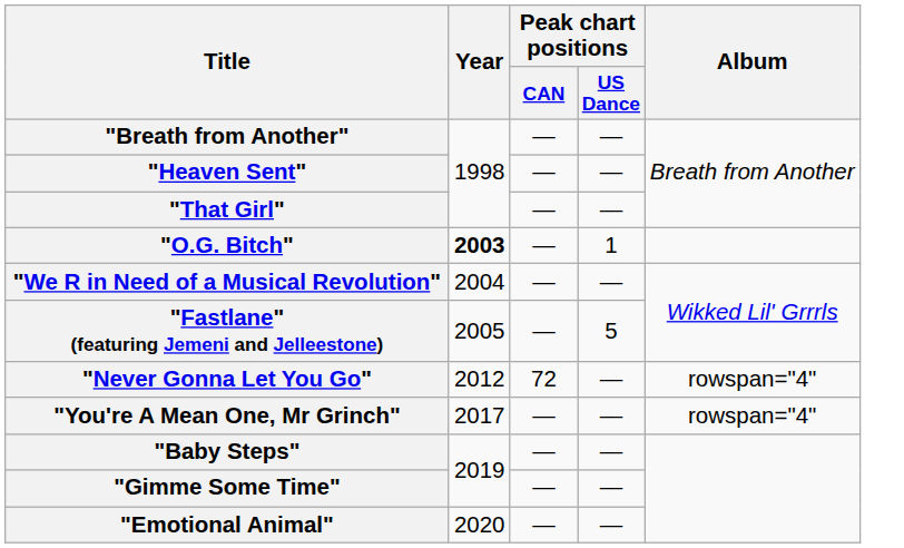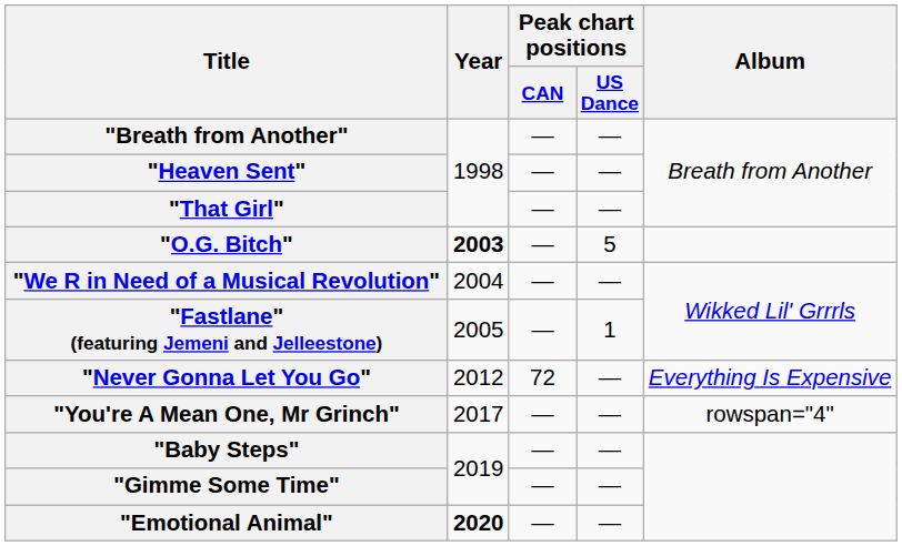 <table class="wikitable plainrowheaders" style="text-align:center;">
 <tr>
 <th scope="col" rowspan="2" style="width:19em;">Title</th>
 <th scope="col" rowspan="2" style="width:1em;">Year</th>
 <th scope="col" colspan="2">Peak chart positions</th>
 <th scope="col" rowspan="2">Album</th>
 </tr>
 <tr>
 <th scope="col" style="width:3em;font-size:85%;"><a href='#'>CAN</a><br></th>
 <th scope="col" style="width:3em;font-size:85%;"><a href='#'>US<br>Dance</a><br></th>
 </tr>
 <tr>
 <th scope="row">"Breath from Another"</th>
 <td rowspan="3">1998</td>
 <td>—</td>
 <td>—</td>
 <td rowspan="3"><em>Breath from Another</em></td>
 </tr>
 <tr>
 <th scope="row">"<a href='#'>Heaven Sent</a>"</th>
 <td>—</td>
 <td>—</td>
 </tr>
 <tr>
 <th scope="row">"<a href='#'>That Girl</a>"</th>
 <td>—</td>
 <td>—</td>
 </tr>
 <tr>
 <th scope="row">"<a href='#'>O.G. Bitch</a>"</th>
 <td><strong>2003</strong></td>
 <td>—</td>
-<td>1</td>
+<td>5</td>
 <td></td>
 </tr>
 <tr>
 <th scope="row">"<a href='#'>We R in Need of a Musical Revolution</a>"</th>
 <td>2004</td>
 <td>—</td>
 <td>—</td>
 <td rowspan="2"><em><a href='#'>Wikked Lil' Grrrls</a></em></td>
 </tr>
 <tr>
 <th scope="row">"<a href='#'>Fastlane</a>" <br><small>(featuring <a href='#'>Jemeni</a> and <a href='#'>Jelleestone</a>)</small></th>
 <td>2005</td>
 <td>—</td>
-<td>5</td>
+<td>1</td>
 </tr>
 <tr>
 <th scope="row">"<a href='#'>Never Gonna Let You Go</a>"</th>
 <td>2012</td>
 <td>72</td>
 <td>—</td>
-<td>rowspan="4" </td>
+<td><em><a href='#'>Everything Is Expensive</a></em></td>
 </tr>
 <tr>
 <th scope="row">"You're A Mean One, Mr Grinch"</th>
 <td>2017</td>
 <td>—</td>
 <td>—</td>
 <td>rowspan="4" </td>
 </tr>
 <tr>
 <th scope="row">"Baby Steps"</th>
 <td rowspan="2">2019</td>
 <td>—</td>
 <td>—</td>
 </tr>
 <tr>
 <th scope="row">"Gimme Some Time"</th>
 <td>—</td>
 <td>—</td>
 </tr>
 <tr>
 <th scope="row">"Emotional Animal"</th>
-<td>2020</td>
+<td><strong>2020</strong></td>
 <td>—</td>
 <td>—</td>
 </tr>
 </table>
